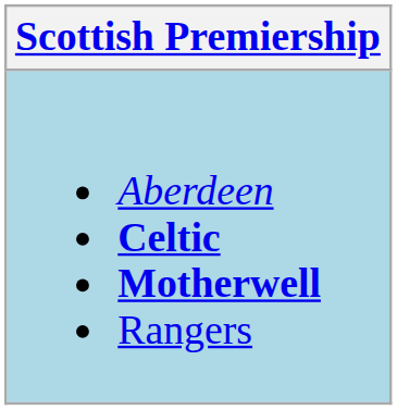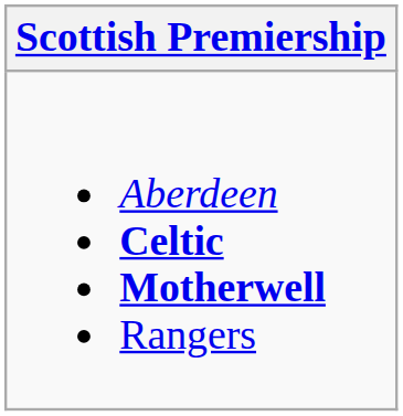 <table class="wikitable" style="text-align:left">
 <tr>
 <th><a href='#'>Scottish Premiership</a></th>
 </tr>
 <tr>
-<td valign=top style="background: lightblue;"><br><ul><li><em><a href='#'>Aberdeen</a></em></li><li><strong><a href='#'>Celtic</a></strong></li><li><strong><a href='#'>Motherwell</a></strong></li><li><a href='#'>Rangers</a></li></ul></td>
+<td valign=top><br><ul><li><em><a href='#'>Aberdeen</a></em></li><li><strong><a href='#'>Celtic</a></strong></li><li><strong><a href='#'>Motherwell</a></strong></li><li><a href='#'>Rangers</a></li></ul></td>
 </tr>
 </table>
